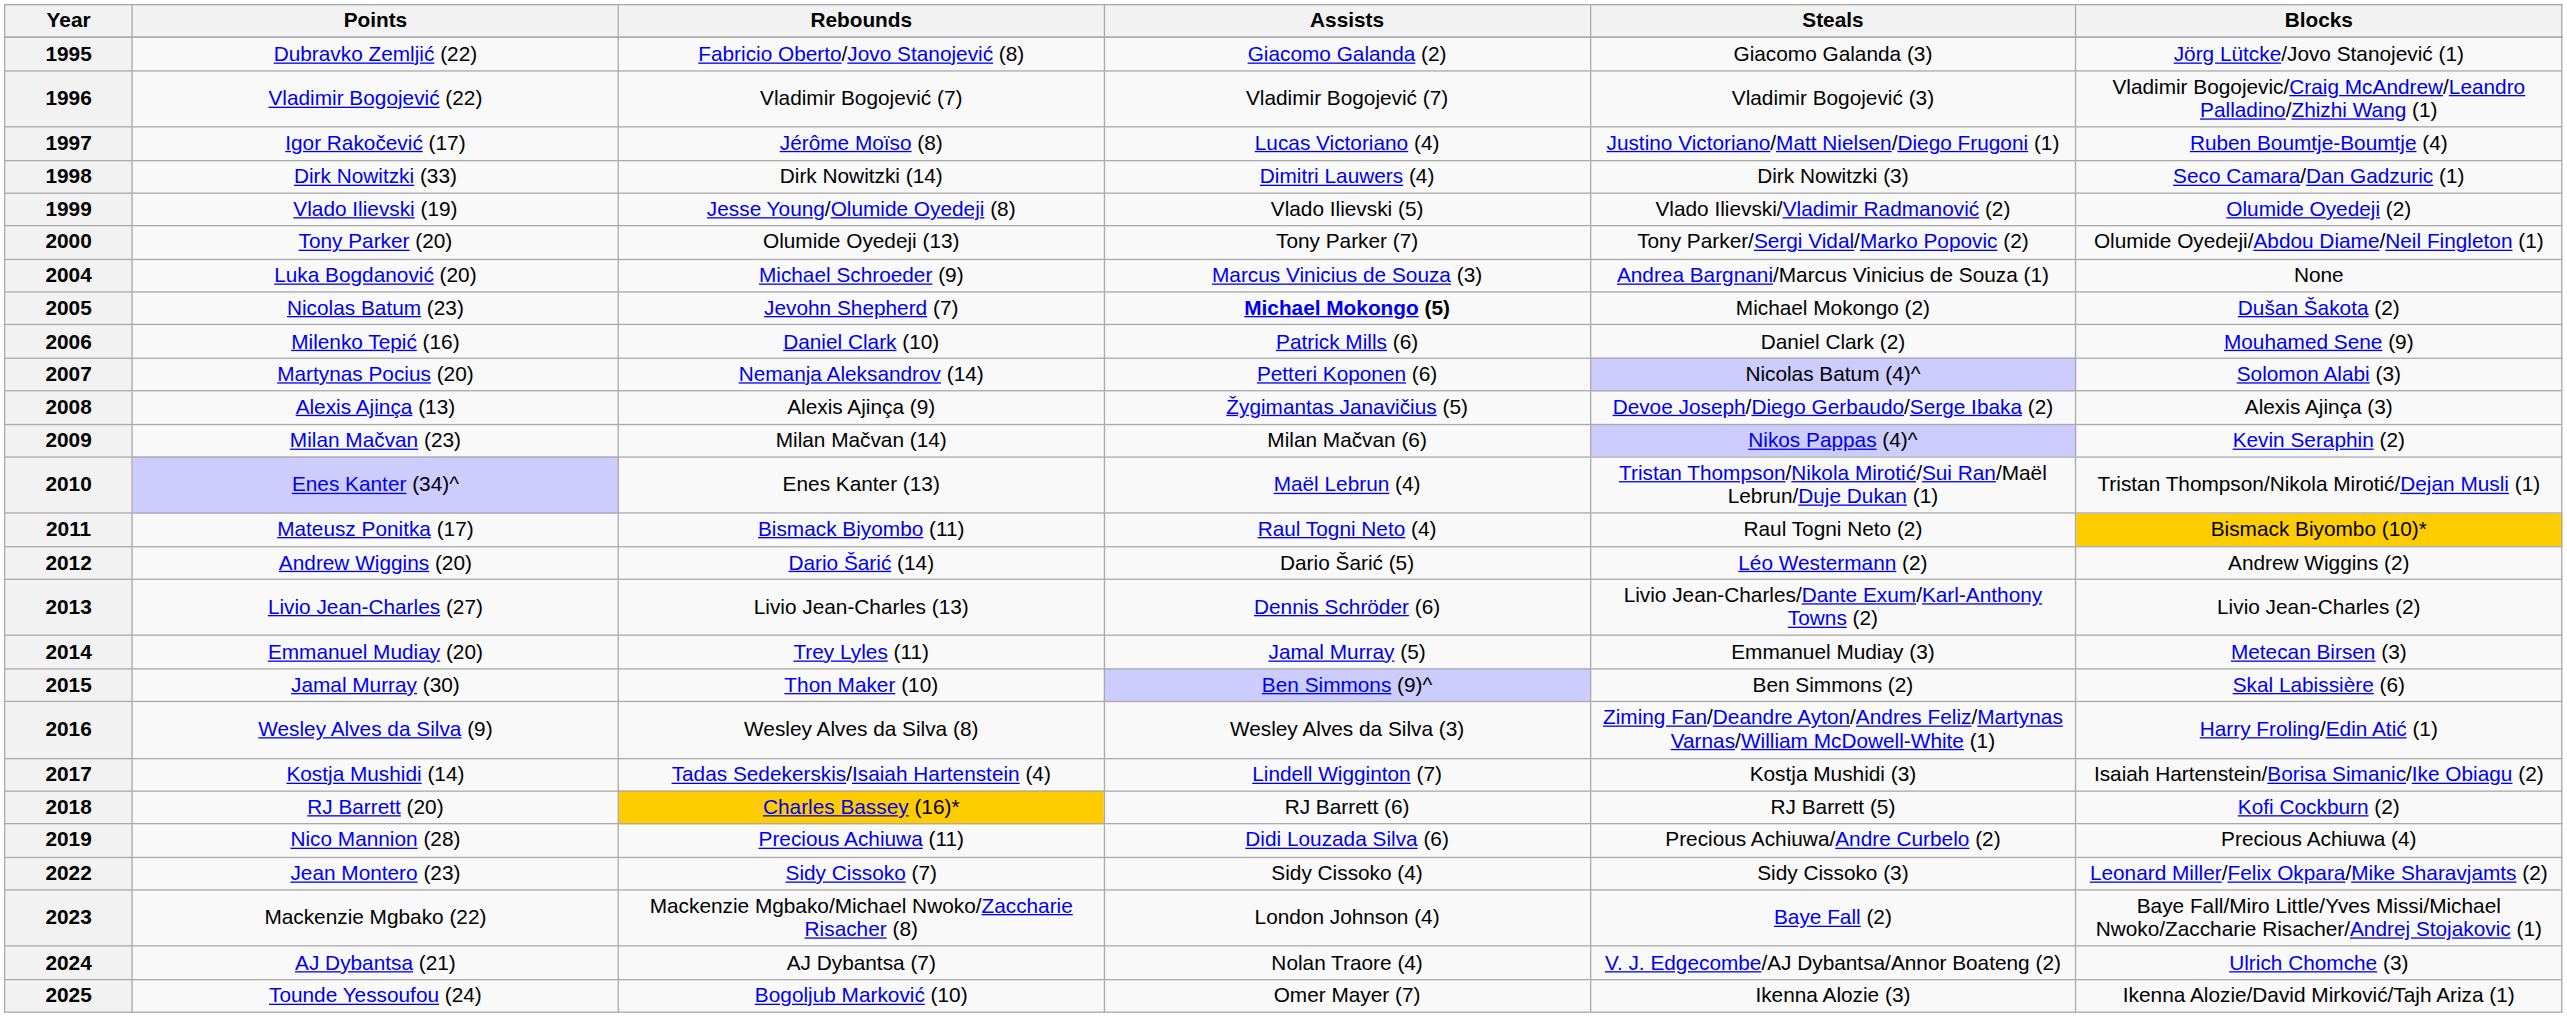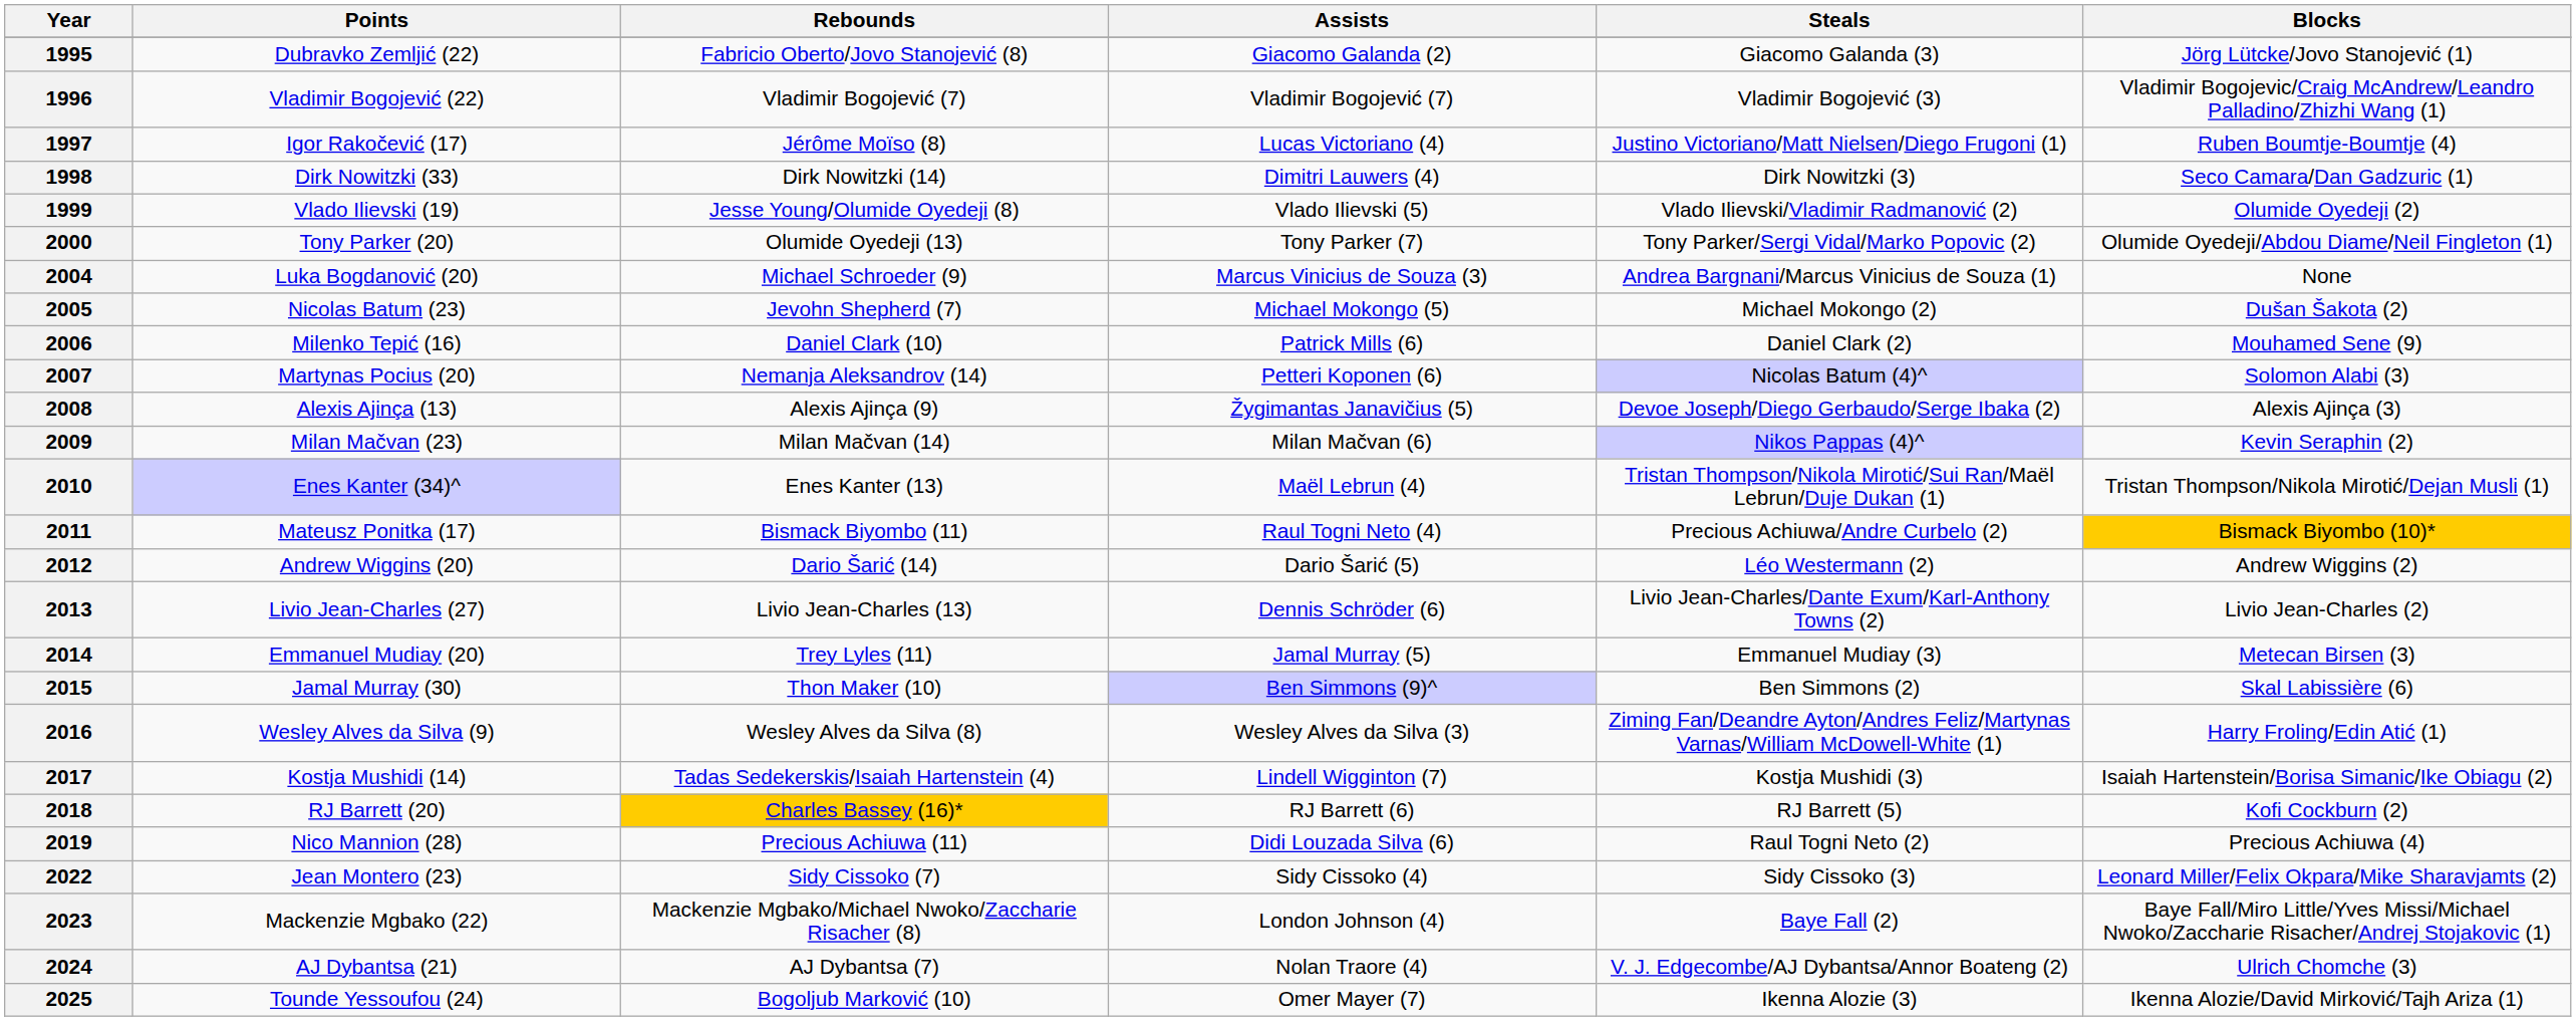 <table class="wikitable sortable" style="text-align:center">
 <tr>
 <th class="unsortable" style="width:5%">Year</th>
 <th class="unsortable" style="width:19%">Points</th>
 <th class="unsortable" style="width:19%">Rebounds</th>
 <th class="unsortable" style="width:19%">Assists</th>
 <th class="unsortable" style="width:19%">Steals</th>
 <th class="unsortable" style="width:19%">Blocks</th>
 </tr>
 <tr>
 </tr>
 <tr>
 <th>1995</th>
 <td><a href='#'>Dubravko Zemljić</a> (22)</td>
 <td><a href='#'>Fabricio Oberto</a>/<a href='#'>Jovo Stanojević</a> (8)</td>
 <td><a href='#'>Giacomo Galanda</a> (2)</td>
 <td>Giacomo Galanda (3)</td>
 <td><a href='#'>Jörg Lütcke</a>/Jovo Stanojević (1)</td>
 </tr>
 <tr>
 <th>1996</th>
 <td><a href='#'>Vladimir Bogojević</a> (22)</td>
 <td>Vladimir Bogojević (7)</td>
 <td>Vladimir Bogojević (7)</td>
 <td>Vladimir Bogojević (3)</td>
 <td>Vladimir Bogojevic/<a href='#'>Craig McAndrew</a>/<a href='#'>Leandro Palladino</a>/<a href='#'>Zhizhi Wang</a> (1)</td>
 </tr>
 <tr>
 <th>1997</th>
 <td><a href='#'>Igor Rakočević</a> (17)</td>
 <td><a href='#'>Jérôme Moïso</a> (8)</td>
 <td><a href='#'>Lucas Victoriano</a> (4)</td>
 <td><a href='#'>Justino Victoriano</a>/<a href='#'>Matt Nielsen</a>/<a href='#'>Diego Frugoni</a> (1)</td>
 <td><a href='#'>Ruben Boumtje-Boumtje</a> (4)</td>
 </tr>
 <tr>
 <th>1998</th>
 <td><a href='#'>Dirk Nowitzki</a> (33)</td>
 <td>Dirk Nowitzki (14)</td>
 <td><a href='#'>Dimitri Lauwers</a> (4)</td>
 <td>Dirk Nowitzki (3)</td>
 <td><a href='#'>Seco Camara</a>/<a href='#'>Dan Gadzuric</a> (1)</td>
 </tr>
 <tr>
 <th>1999</th>
 <td><a href='#'>Vlado Ilievski</a> (19)</td>
 <td><a href='#'>Jesse Young</a>/<a href='#'>Olumide Oyedeji</a> (8)</td>
 <td>Vlado Ilievski (5)</td>
 <td>Vlado Ilievski/<a href='#'>Vladimir Radmanović</a> (2)</td>
 <td><a href='#'>Olumide Oyedeji</a> (2)</td>
 </tr>
 <tr>
 <th>2000</th>
 <td><a href='#'>Tony Parker</a> (20)</td>
 <td>Olumide Oyedeji (13)</td>
 <td>Tony Parker (7)</td>
 <td>Tony Parker/<a href='#'>Sergi Vidal</a>/<a href='#'>Marko Popovic</a> (2)</td>
 <td>Olumide Oyedeji/<a href='#'>Abdou Diame</a>/<a href='#'>Neil Fingleton</a> (1)</td>
 </tr>
 <tr>
 <th>2004</th>
 <td><a href='#'>Luka Bogdanović</a> (20)</td>
 <td><a href='#'>Michael Schroeder</a> (9)</td>
 <td><a href='#'>Marcus Vinicius de Souza</a> (3)</td>
 <td><a href='#'>Andrea Bargnani</a>/Marcus Vinicius de Souza (1)</td>
 <td>None</td>
 </tr>
 <tr>
 <th>2005</th>
 <td><a href='#'>Nicolas Batum</a> (23)</td>
 <td><a href='#'>Jevohn Shepherd</a> (7)</td>
-<td><strong><a href='#'>Michael Mokongo</a> (5)</strong></td>
+<td><a href='#'>Michael Mokongo</a> (5)</td>
 <td>Michael Mokongo (2)</td>
 <td><a href='#'>Dušan Šakota</a> (2)</td>
 </tr>
 <tr>
 <th>2006</th>
 <td><a href='#'>Milenko Tepić</a> (16)</td>
 <td><a href='#'>Daniel Clark</a> (10)</td>
 <td><a href='#'>Patrick Mills</a> (6)</td>
 <td>Daniel Clark (2)</td>
 <td><a href='#'>Mouhamed Sene</a> (9)</td>
 </tr>
 <tr>
 <th>2007</th>
 <td><a href='#'>Martynas Pocius</a> (20)</td>
 <td><a href='#'>Nemanja Aleksandrov</a> (14)</td>
 <td><a href='#'>Petteri Koponen</a> (6)</td>
 <td style="background-color:#CCCCFF">Nicolas Batum (4)^</td>
 <td><a href='#'>Solomon Alabi</a> (3)</td>
 </tr>
 <tr>
 <th>2008</th>
 <td><a href='#'>Alexis Ajinça</a> (13)</td>
 <td>Alexis Ajinça (9)</td>
 <td><a href='#'>Žygimantas Janavičius</a> (5)</td>
 <td><a href='#'>Devoe Joseph</a>/<a href='#'>Diego Gerbaudo</a>/<a href='#'>Serge Ibaka</a> (2)</td>
 <td>Alexis Ajinça (3)</td>
 </tr>
 <tr>
 <th>2009</th>
 <td><a href='#'>Milan Mačvan</a> (23)</td>
 <td>Milan Mačvan (14)</td>
 <td>Milan Mačvan (6)</td>
 <td style="background-color:#CCCCFF"><a href='#'>Nikos Pappas</a> (4)^</td>
 <td><a href='#'>Kevin Seraphin</a> (2)</td>
 </tr>
 <tr>
 <th>2010</th>
 <td style="background-color:#CCCCFF"><a href='#'>Enes Kanter</a> (34)^</td>
 <td>Enes Kanter (13)</td>
 <td><a href='#'>Maël Lebrun</a> (4)</td>
 <td><a href='#'>Tristan Thompson</a>/<a href='#'>Nikola Mirotić</a>/<a href='#'>Sui Ran</a>/Maël Lebrun/<a href='#'>Duje Dukan</a> (1)</td>
 <td>Tristan Thompson/Nikola Mirotić/<a href='#'>Dejan Musli</a> (1)</td>
 </tr>
 <tr>
 <th>2011</th>
 <td><a href='#'>Mateusz Ponitka</a> (17)</td>
 <td><a href='#'>Bismack Biyombo</a> (11)</td>
 <td><a href='#'>Raul Togni Neto</a> (4)</td>
-<td>Raul Togni Neto (2)</td>
+<td>Precious Achiuwa/<a href='#'>Andre Curbelo</a> (2)</td>
 <td style="background-color:#FFCC00">Bismack Biyombo (10)*</td>
 </tr>
 <tr>
 <th>2012</th>
 <td><a href='#'>Andrew Wiggins</a> (20)</td>
 <td><a href='#'>Dario Šarić</a> (14)</td>
 <td>Dario Šarić (5)</td>
 <td><a href='#'>Léo Westermann</a> (2)</td>
 <td>Andrew Wiggins (2)</td>
 </tr>
 <tr>
 <th>2013</th>
 <td><a href='#'>Livio Jean-Charles</a> (27)</td>
 <td>Livio Jean-Charles (13)</td>
 <td><a href='#'>Dennis Schröder</a> (6)</td>
 <td>Livio Jean-Charles/<a href='#'>Dante Exum</a>/<a href='#'>Karl-Anthony Towns</a> (2)</td>
 <td>Livio Jean-Charles (2)</td>
 </tr>
 <tr>
 <th>2014</th>
 <td><a href='#'>Emmanuel Mudiay</a> (20)</td>
 <td><a href='#'>Trey Lyles</a> (11)</td>
 <td><a href='#'>Jamal Murray</a> (5)</td>
 <td>Emmanuel Mudiay (3)</td>
 <td><a href='#'>Metecan Birsen</a> (3)</td>
 </tr>
 <tr>
 <th>2015</th>
 <td><a href='#'>Jamal Murray</a> (30)</td>
 <td><a href='#'>Thon Maker</a> (10)</td>
 <td style="background-color:#CCCCFF"><a href='#'>Ben Simmons</a> (9)^</td>
 <td>Ben Simmons (2)</td>
 <td><a href='#'>Skal Labissière</a> (6)</td>
 </tr>
 <tr>
 <th>2016</th>
 <td><a href='#'>Wesley Alves da Silva</a> (9)</td>
 <td>Wesley Alves da Silva (8)</td>
 <td>Wesley Alves da Silva (3)</td>
 <td><a href='#'>Ziming Fan</a>/<a href='#'>Deandre Ayton</a>/<a href='#'>Andres Feliz</a>/<a href='#'>Martynas Varnas</a>/<a href='#'>William McDowell-White</a> (1)</td>
 <td><a href='#'>Harry Froling</a>/<a href='#'>Edin Atić</a> (1)</td>
 </tr>
 <tr>
 <th>2017</th>
 <td><a href='#'>Kostja Mushidi</a> (14)</td>
 <td><a href='#'>Tadas Sedekerskis</a>/<a href='#'>Isaiah Hartenstein</a> (4)</td>
 <td><a href='#'>Lindell Wigginton</a> (7)</td>
 <td>Kostja Mushidi (3)</td>
 <td>Isaiah Hartenstein/<a href='#'>Borisa Simanic</a>/<a href='#'>Ike Obiagu</a> (2)</td>
 </tr>
 <tr>
 <th>2018</th>
 <td><a href='#'>RJ Barrett</a> (20)</td>
 <td style="background-color:#FFCC00"><a href='#'>Charles Bassey</a> (16)*</td>
 <td>RJ Barrett (6)</td>
 <td>RJ Barrett (5)</td>
 <td><a href='#'>Kofi Cockburn</a> (2)</td>
 </tr>
 <tr>
 <th>2019</th>
 <td><a href='#'>Nico Mannion</a> (28)</td>
 <td><a href='#'>Precious Achiuwa</a> (11)</td>
 <td><a href='#'>Didi Louzada Silva</a> (6)</td>
-<td>Precious Achiuwa/<a href='#'>Andre Curbelo</a> (2)</td>
+<td>Raul Togni Neto (2)</td>
 <td>Precious Achiuwa (4)</td>
 </tr>
 <tr>
 <th>2022</th>
 <td><a href='#'>Jean Montero</a> (23)</td>
 <td><a href='#'>Sidy Cissoko</a> (7)</td>
 <td>Sidy Cissoko (4)</td>
 <td>Sidy Cissoko (3)</td>
 <td><a href='#'>Leonard Miller</a>/<a href='#'>Felix Okpara</a>/<a href='#'>Mike Sharavjamts</a> (2)</td>
 </tr>
 <tr>
 <th>2023</th>
 <td>Mackenzie Mgbako (22)</td>
 <td>Mackenzie Mgbako/Michael Nwoko/<a href='#'>Zaccharie Risacher</a> (8)</td>
 <td>London Johnson (4)</td>
 <td><a href='#'>Baye Fall</a> (2)</td>
 <td>Baye Fall/Miro Little/Yves Missi/Michael Nwoko/Zaccharie Risacher/<a href='#'>Andrej Stojakovic</a> (1)</td>
 </tr>
 <tr>
 <th>2024</th>
 <td><a href='#'>AJ Dybantsa</a> (21)</td>
 <td>AJ Dybantsa (7)</td>
 <td>Nolan Traore (4)</td>
 <td><a href='#'>V. J. Edgecombe</a>/AJ Dybantsa/Annor Boateng (2)</td>
 <td><a href='#'>Ulrich Chomche</a> (3)</td>
 </tr>
 <tr>
 <th>2025</th>
 <td><a href='#'>Tounde Yessoufou</a> (24)</td>
 <td><a href='#'>Bogoljub Marković</a> (10)</td>
 <td>Omer Mayer (7)</td>
 <td>Ikenna Alozie (3)</td>
 <td>Ikenna Alozie/David Mirković/Tajh Ariza (1)</td>
 </tr>
 </table>
